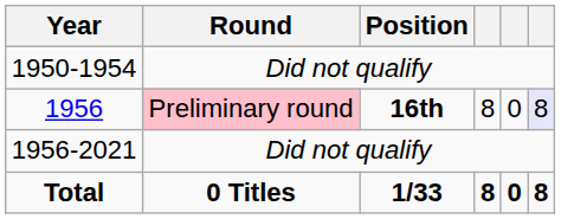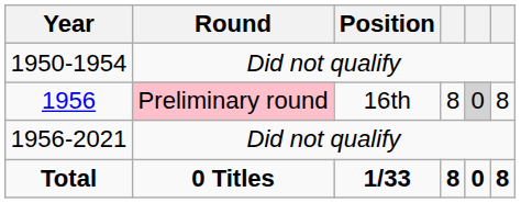 <table class="wikitable" style="text-align: center;">
 <tr>
 <th>Year</th>
 <th>Round</th>
 <th>Position</th>
 <th></th>
 <th></th>
 <th></th>
 </tr>
 <tr>
 <td>1950-1954</td>
 <td colspan=5 rowspan=1><em>Did not qualify</em></td>
 </tr>
 <tr>
 <td> <a href='#'>1956</a></td>
 <td style="background: pink;">Preliminary round</td>
-<td><strong>16th</strong></td>
+<td>16th</td>
 <td>8</td>
-<td>0</td>
-<td style="background: lavender;">8</td>
+<td style="background: lightgrey;">0</td>
+<td>8</td>
 </tr>
 <tr>
 <td>1956-2021</td>
 <td colspan="5" rowspan="1"><em>Did not qualify</em></td>
 </tr>
 <tr>
 <td colspan=1><strong>Total</strong></td>
 <td><strong>0 Titles</strong></td>
 <td><strong>1/33</strong></td>
 <td><strong>8</strong></td>
 <td><strong>0</strong></td>
 <td><strong>8</strong></td>
 </tr>
 </table>
